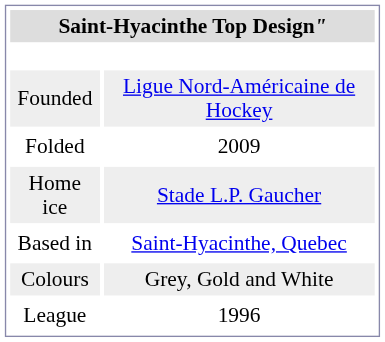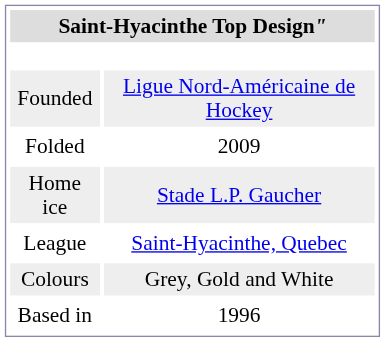 <table style="margin:5px; border:1px solid #8888AA;" align=right cellpadding=3 cellspacing=3 width=280>
 <tr align="center" bgcolor="#dddddd">
 <td colspan=2><strong>Saint-Hyacinthe Top Design<em>"</td>
 </tr>
 <tr align="center">
 <td colspan=2></td>
 </tr>
 <tr align="center">
 <td colspan=2></td>
 </tr>
 <tr align="center" bgcolor="#eeeeee">
 <td></strong>Founded<strong></td>
 <td><a href='#'>Ligue Nord-Américaine de Hockey</a></td>
 </tr>
 <tr align="center">
 <td></strong>Folded<strong></td>
 <td>2009</td>
 </tr>
 <tr align="center" bgcolor="#eeeeee">
 <td></strong>Home ice<strong></td>
 <td><a href='#'>Stade L.P. Gaucher</a></td>
 </tr>
 <tr align="center">
-<td></strong>Based in<strong></td>
+<td></strong>League<strong></td>
 <td><a href='#'>Saint-Hyacinthe, Quebec</a></td>
 </tr>
 <tr align="center" bgcolor="#eeeeee">
 <td></strong>Colours<strong></td>
 <td>Grey, Gold and White</td>
 </tr>
 <tr align="center">
-<td></strong>League<strong></td>
+<td></strong>Based in<strong></td>
 <td>1996</td>
 </tr>
 </table>
